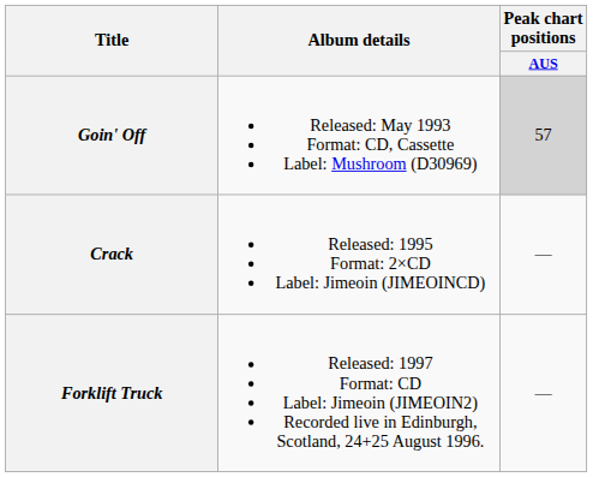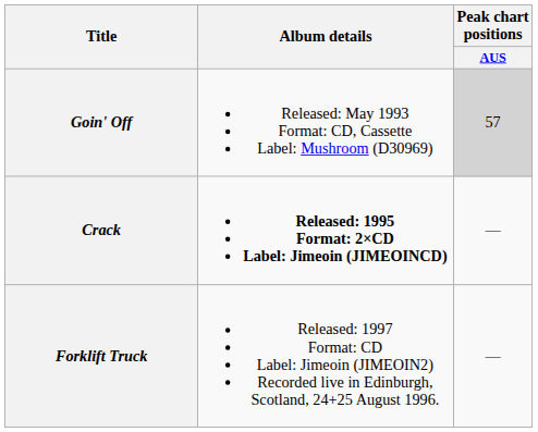 <table class="wikitable plainrowheaders" style="text-align:center;" border="1">
 <tr>
 <th scope="col" rowspan="2" style="width:12em;">Title</th>
 <th scope="col" rowspan="2" style="width:16em;">Album details</th>
 <th scope="col" colspan="1">Peak chart<br>positions</th>
 </tr>
 <tr>
 <th scope="col" style="font-size:85%;"><a href='#'>AUS</a><br></th>
 </tr>
 <tr>
 <th scope="row"><em>Goin' Off</em></th>
 <td><br><ul><li>Released: May 1993</li><li>Format: CD, Cassette</li><li>Label: <a href='#'>Mushroom</a> (D30969)</li></ul></td>
 <td align="center" style="background: lightgrey;">57</td>
 </tr>
 <tr>
 <th scope="row"><em>Crack</em></th>
-<td><br><ul><li>Released: 1995</li><li>Format: 2×CD</li><li>Label: Jimeoin (JIMEOINCD)</li></ul></td>
+<td><strong><br><ul><li>Released: 1995</li><li>Format: 2×CD</li><li>Label: Jimeoin (JIMEOINCD)</li></ul></strong></td>
 <td align="center">—</td>
 </tr>
 <tr>
 <th scope="row"><em>Forklift Truck</em></th>
 <td><br><ul><li>Released: 1997</li><li>Format: CD</li><li>Label: Jimeoin (JIMEOIN2)</li><li>Recorded live in Edinburgh, Scotland, 24+25 August 1996.</li></ul></td>
 <td align="center">—</td>
 </tr>
 </table>
